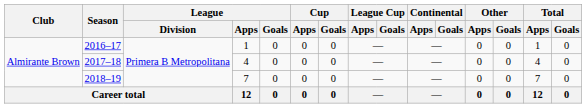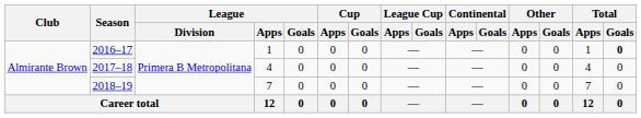 <table class="wikitable" style="text-align:center">
 <tr>
 <th rowspan="2">Club</th>
 <th rowspan="2">Season</th>
 <th colspan="3">League</th>
 <th colspan="2">Cup</th>
 <th colspan="2">League Cup</th>
 <th colspan="2">Continental</th>
 <th colspan="2">Other</th>
 <th colspan="2">Total</th>
 </tr>
 <tr>
 <th>Division</th>
 <th>Apps</th>
 <th>Goals</th>
 <th>Apps</th>
 <th>Goals</th>
 <th>Apps</th>
 <th>Goals</th>
 <th>Apps</th>
 <th>Goals</th>
 <th>Apps</th>
 <th>Goals</th>
 <th>Apps</th>
 <th>Goals</th>
 </tr>
 <tr>
 <td rowspan="3"><a href='#'>Almirante Brown</a></td>
 <td><a href='#'>2016–17</a></td>
 <td rowspan="3"><a href='#'>Primera B Metropolitana</a></td>
 <td>1</td>
 <td>0</td>
 <td>0</td>
 <td>0</td>
 <td colspan="2">—</td>
 <td colspan="2">—</td>
 <td>0</td>
 <td>0</td>
 <td>1</td>
-<td>0</td>
+<td><strong>0</strong></td>
 </tr>
 <tr>
 <td><a href='#'>2017–18</a></td>
 <td>4</td>
 <td>0</td>
 <td>0</td>
 <td>0</td>
 <td colspan="2">—</td>
 <td colspan="2">—</td>
 <td>0</td>
 <td>0</td>
 <td>4</td>
 <td>0</td>
 </tr>
 <tr>
 <td><a href='#'>2018–19</a></td>
 <td>7</td>
 <td>0</td>
 <td>0</td>
 <td>0</td>
 <td colspan="2">—</td>
 <td colspan="2">—</td>
 <td>0</td>
 <td>0</td>
 <td>7</td>
 <td>0</td>
 </tr>
 <tr>
 <th colspan="3">Career total</th>
 <th>12</th>
 <th>0</th>
 <th>0</th>
 <th>0</th>
 <th colspan="2">—</th>
 <th colspan="2">—</th>
 <th>0</th>
 <th>0</th>
 <th>12</th>
 <th>0</th>
 </tr>
 </table>
